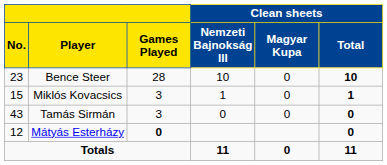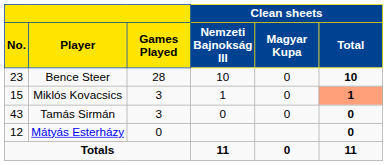 <table class="wikitable sortable alternance" style="text-align:center">
 <tr>
 <th colspan="3" style="background:#FDE500;border:1px solid #004292"></th>
 <th colspan="4" style="background:#004292;color:white;border:1px solid #FDE500">Clean sheets</th>
 </tr>
 <tr>
 <th style="background-color:#FDE500;color:black;border:1px solid #004292">No.</th>
 <th style="background-color:#FDE500;color:black;border:1px solid #004292">Player</th>
 <th width=80 style="background-color:#FDE500;color:black;border:1px solid #004292">Games Played</th>
 <th width=80 style="background-color:#004292;color:white;border:1px solid #FDE500">Nemzeti Bajnokság III</th>
 <th width=80 style="background-color:#004292;color:white;border:1px solid #FDE500">Magyar Kupa</th>
 <th width=80 style="background-color:#004292;color:white;border:1px solid #FDE500">Total</th>
 </tr>
 <tr>
 <td>23</td>
 <td> Bence Steer</td>
 <td>28</td>
 <td>10</td>
 <td>0</td>
 <td><strong>10</strong></td>
 </tr>
 <tr>
 <td>15</td>
 <td> Miklós Kovacsics</td>
 <td>3</td>
 <td>1</td>
 <td>0</td>
-<td><strong>1</strong></td>
+<td style="background: lightsalmon;"><strong>1</strong></td>
 </tr>
 <tr>
 <td>43</td>
 <td> Tamás Sirmán</td>
 <td>3</td>
 <td>0</td>
 <td>0</td>
 <td><strong>0</strong></td>
 </tr>
 <tr>
 <td>12</td>
 <td> <a href='#'>Mátyás Esterházy</a></td>
-<td><strong>0</strong></td>
+<td>0</td>
 <td></td>
 <td></td>
 <td><strong>0</strong></td>
 </tr>
 <tr class="sortbottom">
 <td colspan="3"><strong>Totals</strong></td>
 <td><strong>11</strong></td>
 <td><strong>0</strong></td>
 <td><strong>11</strong></td>
 </tr>
 </table>
